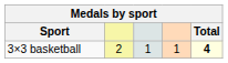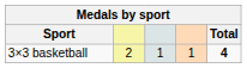 <table class="wikitable" style="font-size:90%; text-align:center;">
 <tr>
 <th colspan="5">Medals by sport</th>
 </tr>
 <tr>
 <th width="120">Sport</th>
 <th scope="col" width="30" style="background:#F7F6A8;"></th>
 <th scope="col" width="30" style="background:#DCE5E5;"></th>
 <th scope="col" width="30" style="background:#FFDAB9;"></th>
 <th width="30">Total</th>
 </tr>
 <tr>
 <td align="left">3×3 basketball</td>
 <td style="background:#F7F6A8;">2</td>
 <td style="background:#DCE5E5;">1</td>
 <td style="background:#FFDAB9;">1</td>
-<td style="background: lightyellow;"><strong>4</strong></td>
+<td><strong>4</strong></td>
 </tr>
 </table>
